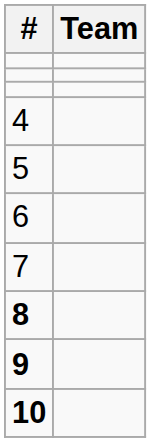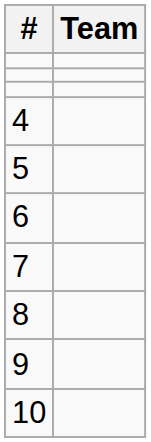 <table class="wikitable">
 <tr>
 <th>#</th>
 <th>Team</th>
 </tr>
 <tr>
 <td></td>
 <td></td>
 </tr>
 <tr>
 <td></td>
 <td></td>
 </tr>
 <tr>
 <td></td>
 <td></td>
 </tr>
 <tr>
 <td>4</td>
 <td></td>
 </tr>
 <tr>
 <td>5</td>
 <td><strong></strong></td>
 </tr>
 <tr>
 <td>6</td>
 <td></td>
 </tr>
 <tr>
 <td>7</td>
 <td></td>
 </tr>
 <tr>
-<td><strong>8</strong></td>
+<td>8</td>
 <td></td>
 </tr>
 <tr>
-<td><strong>9</strong></td>
+<td>9</td>
 <td></td>
 </tr>
 <tr>
-<td><strong>10</strong></td>
+<td>10</td>
 <td></td>
 </tr>
 </table>
